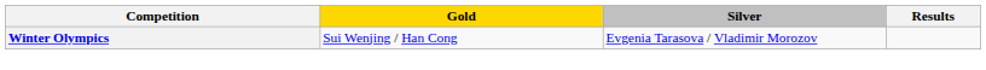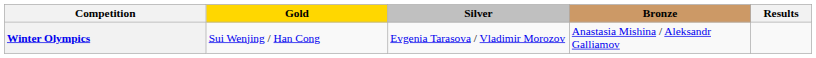 <table class="wikitable unsortable" style="text-align:left; width:90%">
 <tr>
 <th scope="col" style="text-align:center; width:25%;">Competition</th>
 <td scope="col" style="text-align:center; width:22.5%; background:gold"><strong>Gold</strong></td>
 <td scope="col" style="text-align:center; width:22.5%; background:silver"><strong>Silver</strong></td>
+<td scope="col" style="text-align:center; width:22.5%; background:#c96"><strong>Bronze</strong></td>
 <th scope="col" style="text-align:center; width:7.5%;">Results</th>
 </tr>
 <tr>
 <th scope="row" style="text-align:left"> <a href='#'>Winter Olympics</a></th>
 <td> <a href='#'>Sui Wenjing</a> / <a href='#'>Han Cong</a></td>
 <td> <a href='#'>Evgenia Tarasova</a> / <a href='#'>Vladimir Morozov</a></td>
+<td> <a href='#'>Anastasia Mishina</a> / <a href='#'>Aleksandr Galliamov</a></td>
 <td></td>
 </tr>
 </table>
